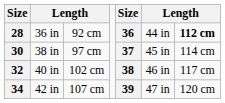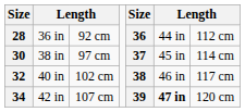 <table class="wikitable">
 <tr>
 <th>Size</th>
 <th colspan=2 style="width:100px">Length</th>
 <td rowspan=5></td>
 <th>Size</th>
 <th colspan=2 style="width:100px">Length</th>
 </tr>
 <tr style="text-align:center">
 <th>28</th>
 <td>36 in</td>
 <td>92 cm</td>
 <th>36</th>
 <td>44 in</td>
-<td><strong>112 cm</strong></td>
+<td>112 cm</td>
 </tr>
 <tr style="text-align:center">
 <th>30</th>
 <td>38 in</td>
 <td>97 cm</td>
 <th>37</th>
 <td>45 in</td>
 <td>114 cm</td>
 </tr>
 <tr style="text-align:center">
 <th>32</th>
 <td>40 in</td>
 <td>102 cm</td>
 <th>38</th>
 <td>46 in</td>
 <td>117 cm</td>
 </tr>
 <tr style="text-align:center">
 <th>34</th>
 <td>42 in</td>
 <td>107 cm</td>
 <th>39</th>
-<td>47 in</td>
+<td><strong>47 in</strong></td>
 <td>120 cm</td>
 </tr>
 </table>
